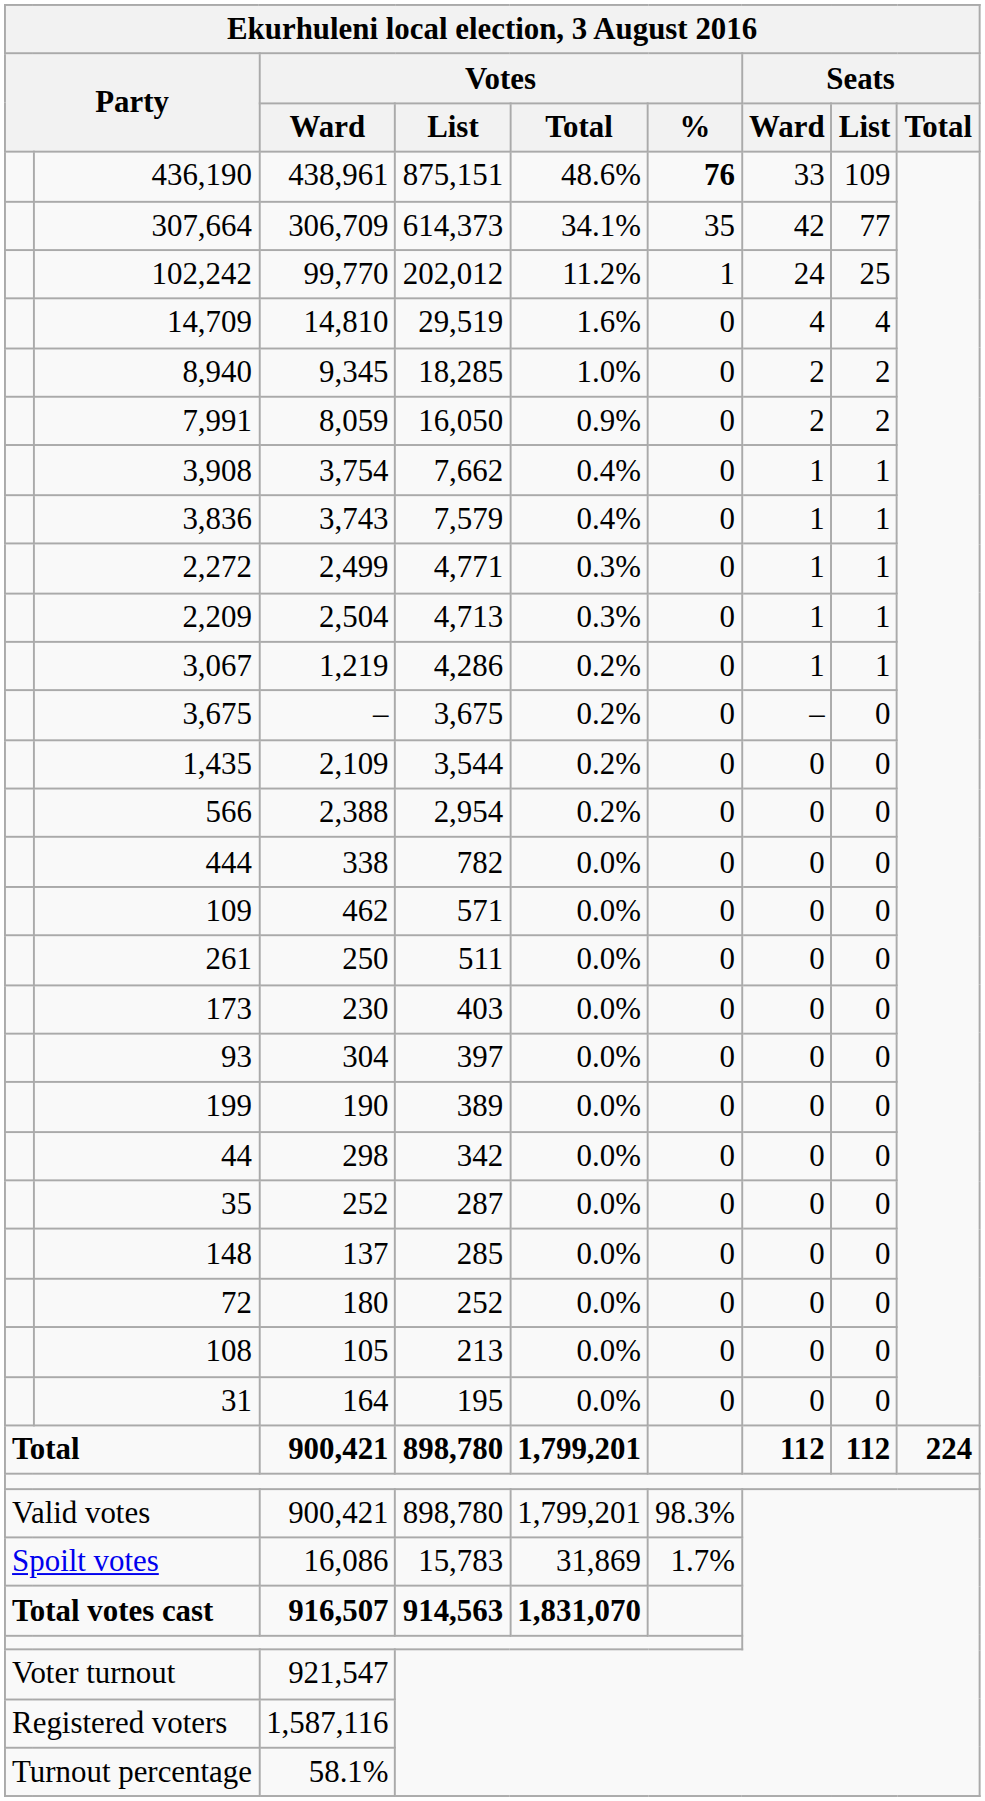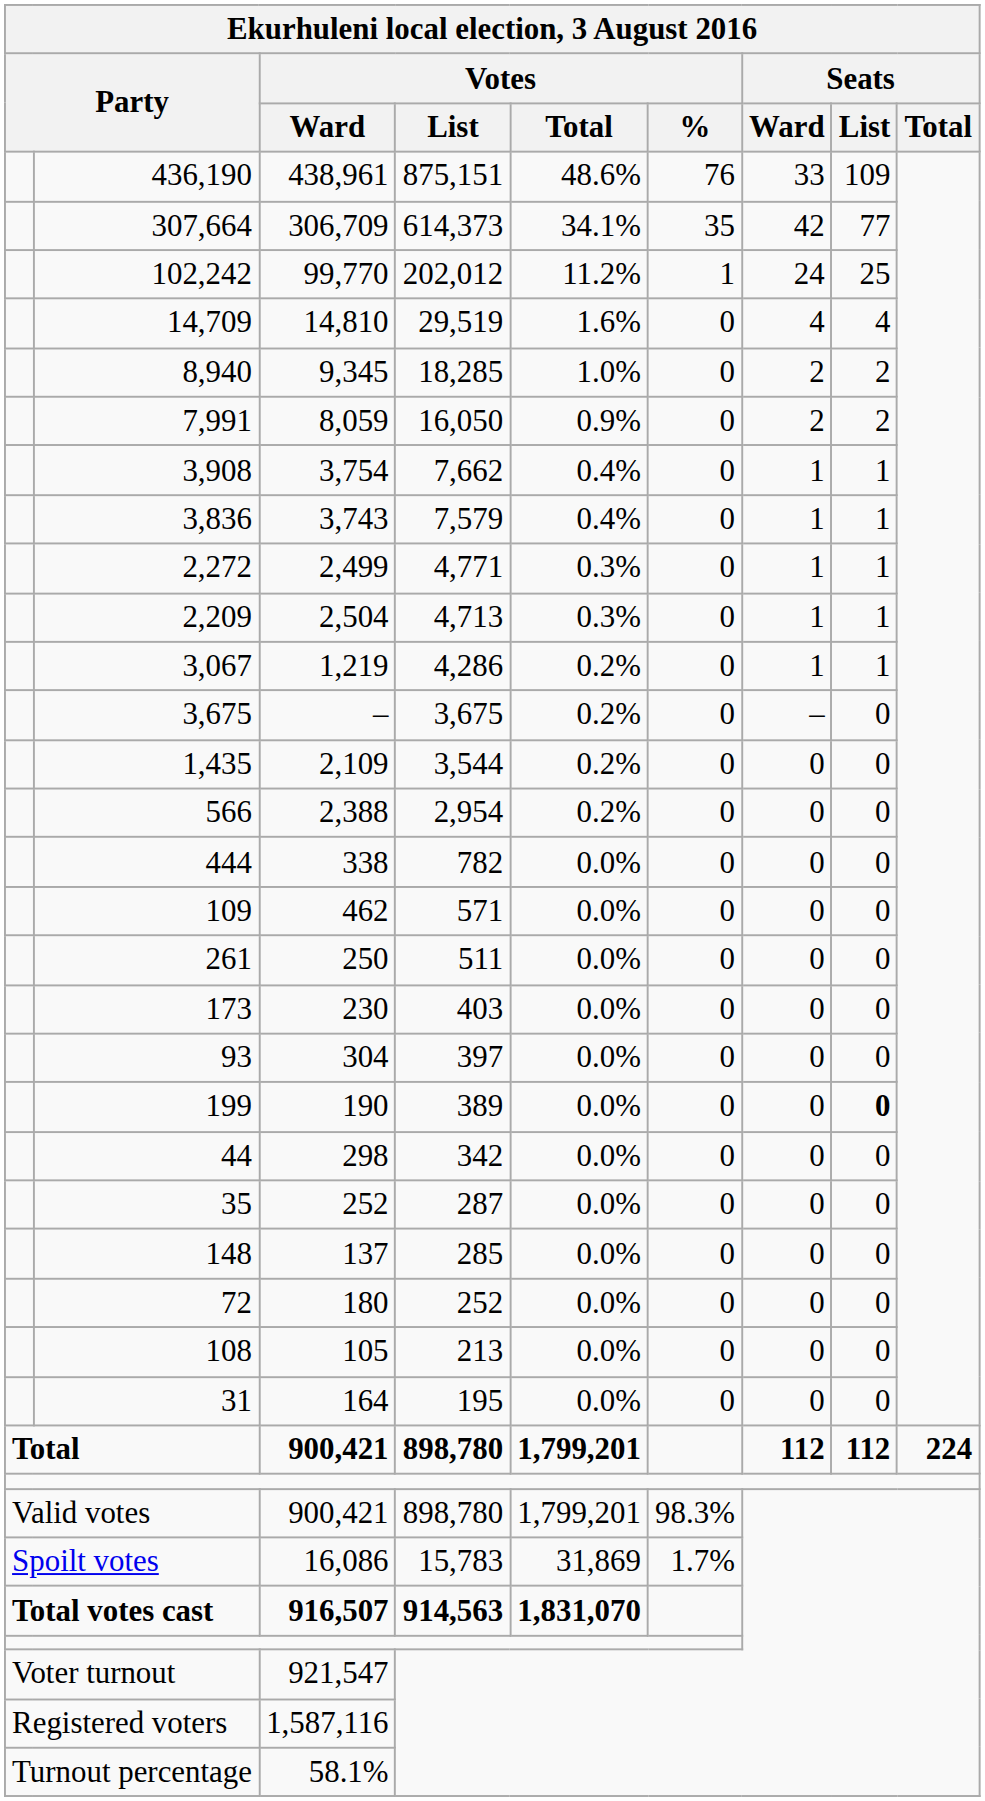 <table class=wikitable style="text-align:right">
 <tr>
 <th colspan="9" align="center">Ekurhuleni local election, 3 August 2016</th>
 </tr>
 <tr>
 <th rowspan="2" colspan="2">Party</th>
 <th colspan="4" align="center">Votes</th>
 <th colspan="3" align="center">Seats</th>
 </tr>
 <tr>
 <th>Ward</th>
 <th>List</th>
 <th>Total</th>
 <th>%</th>
 <th>Ward</th>
 <th>List</th>
 <th>Total</th>
 </tr>
 <tr>
 <td></td>
 <td>436,190</td>
 <td>438,961</td>
 <td>875,151</td>
 <td>48.6%</td>
-<td><strong>76</strong></td>
+<td>76</td>
 <td>33</td>
 <td>109</td>
 </tr>
 <tr>
 <td></td>
 <td>307,664</td>
 <td>306,709</td>
 <td>614,373</td>
 <td>34.1%</td>
 <td>35</td>
 <td>42</td>
 <td>77</td>
 </tr>
 <tr>
 <td></td>
 <td>102,242</td>
 <td>99,770</td>
 <td>202,012</td>
 <td>11.2%</td>
 <td>1</td>
 <td>24</td>
 <td>25</td>
 </tr>
 <tr>
 <td></td>
 <td>14,709</td>
 <td>14,810</td>
 <td>29,519</td>
 <td>1.6%</td>
 <td>0</td>
 <td>4</td>
 <td>4</td>
 </tr>
 <tr>
 <td></td>
 <td>8,940</td>
 <td>9,345</td>
 <td>18,285</td>
 <td>1.0%</td>
 <td>0</td>
 <td>2</td>
 <td>2</td>
 </tr>
 <tr>
 <td></td>
 <td>7,991</td>
 <td>8,059</td>
 <td>16,050</td>
 <td>0.9%</td>
 <td>0</td>
 <td>2</td>
 <td>2</td>
 </tr>
 <tr>
 <td></td>
 <td>3,908</td>
 <td>3,754</td>
 <td>7,662</td>
 <td>0.4%</td>
 <td>0</td>
 <td>1</td>
 <td>1</td>
 </tr>
 <tr>
 <td></td>
 <td>3,836</td>
 <td>3,743</td>
 <td>7,579</td>
 <td>0.4%</td>
 <td>0</td>
 <td>1</td>
 <td>1</td>
 </tr>
 <tr>
 <td></td>
 <td>2,272</td>
 <td>2,499</td>
 <td>4,771</td>
 <td>0.3%</td>
 <td>0</td>
 <td>1</td>
 <td>1</td>
 </tr>
 <tr>
 <td></td>
 <td>2,209</td>
 <td>2,504</td>
 <td>4,713</td>
 <td>0.3%</td>
 <td>0</td>
 <td>1</td>
 <td>1</td>
 </tr>
 <tr>
 <td></td>
 <td>3,067</td>
 <td>1,219</td>
 <td>4,286</td>
 <td>0.2%</td>
 <td>0</td>
 <td>1</td>
 <td>1</td>
 </tr>
 <tr>
 <td></td>
 <td>3,675</td>
 <td>–</td>
 <td>3,675</td>
 <td>0.2%</td>
 <td>0</td>
 <td>–</td>
 <td>0</td>
 </tr>
 <tr>
 <td></td>
 <td>1,435</td>
 <td>2,109</td>
 <td>3,544</td>
 <td>0.2%</td>
 <td>0</td>
 <td>0</td>
 <td>0</td>
 </tr>
 <tr>
 <td></td>
 <td>566</td>
 <td>2,388</td>
 <td>2,954</td>
 <td>0.2%</td>
 <td>0</td>
 <td>0</td>
 <td>0</td>
 </tr>
 <tr>
 <td></td>
 <td>444</td>
 <td>338</td>
 <td>782</td>
 <td>0.0%</td>
 <td>0</td>
 <td>0</td>
 <td>0</td>
 </tr>
 <tr>
 <td></td>
 <td>109</td>
 <td>462</td>
 <td>571</td>
 <td>0.0%</td>
 <td>0</td>
 <td>0</td>
 <td>0</td>
 </tr>
 <tr>
 <td></td>
 <td>261</td>
 <td>250</td>
 <td>511</td>
 <td>0.0%</td>
 <td>0</td>
 <td>0</td>
 <td>0</td>
 </tr>
 <tr>
 <td></td>
 <td>173</td>
 <td>230</td>
 <td>403</td>
 <td>0.0%</td>
 <td>0</td>
 <td>0</td>
 <td>0</td>
 </tr>
 <tr>
 <td></td>
 <td>93</td>
 <td>304</td>
 <td>397</td>
 <td>0.0%</td>
 <td>0</td>
 <td>0</td>
 <td>0</td>
 </tr>
 <tr>
 <td></td>
 <td>199</td>
 <td>190</td>
 <td>389</td>
 <td>0.0%</td>
 <td>0</td>
 <td>0</td>
-<td>0</td>
+<td><strong>0</strong></td>
 </tr>
 <tr>
 <td></td>
 <td>44</td>
 <td>298</td>
 <td>342</td>
 <td>0.0%</td>
 <td>0</td>
 <td>0</td>
 <td>0</td>
 </tr>
 <tr>
 <td></td>
 <td>35</td>
 <td>252</td>
 <td>287</td>
 <td>0.0%</td>
 <td>0</td>
 <td>0</td>
 <td>0</td>
 </tr>
 <tr>
 <td></td>
 <td>148</td>
 <td>137</td>
 <td>285</td>
 <td>0.0%</td>
 <td>0</td>
 <td>0</td>
 <td>0</td>
 </tr>
 <tr>
 <td></td>
 <td>72</td>
 <td>180</td>
 <td>252</td>
 <td>0.0%</td>
 <td>0</td>
 <td>0</td>
 <td>0</td>
 </tr>
 <tr>
 <td></td>
 <td>108</td>
 <td>105</td>
 <td>213</td>
 <td>0.0%</td>
 <td>0</td>
 <td>0</td>
 <td>0</td>
 </tr>
 <tr>
 <td></td>
 <td>31</td>
 <td>164</td>
 <td>195</td>
 <td>0.0%</td>
 <td>0</td>
 <td>0</td>
 <td>0</td>
 </tr>
 <tr>
 <td colspan="2" style="text-align:left"><strong>Total</strong></td>
 <td><strong>900,421</strong></td>
 <td><strong>898,780</strong></td>
 <td><strong>1,799,201</strong></td>
 <td></td>
 <td><strong>112</strong></td>
 <td><strong>112</strong></td>
 <td><strong>224</strong></td>
 </tr>
 <tr>
 <td colspan="9"></td>
 </tr>
 <tr>
 <td colspan="2" style="text-align:left">Valid votes</td>
 <td>900,421</td>
 <td>898,780</td>
 <td>1,799,201</td>
 <td>98.3%</td>
 </tr>
 <tr>
 <td colspan="2" style="text-align:left"><a href='#'>Spoilt votes</a></td>
 <td>16,086</td>
 <td>15,783</td>
 <td>31,869</td>
 <td>1.7%</td>
 </tr>
 <tr>
 <td colspan="2" style="text-align:left"><strong>Total votes cast</strong></td>
 <td><strong>916,507</strong></td>
 <td><strong>914,563</strong></td>
 <td><strong>1,831,070</strong></td>
 <td></td>
 </tr>
 <tr>
 <td colspan="6"></td>
 </tr>
 <tr>
 <td colspan="2" style="text-align:left">Voter turnout</td>
 <td>921,547</td>
 </tr>
 <tr>
 <td colspan="2" style="text-align:left">Registered voters</td>
 <td>1,587,116</td>
 </tr>
 <tr>
 <td colspan="2" style="text-align:left">Turnout percentage</td>
 <td>58.1%</td>
 </tr>
 </table>
